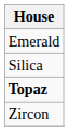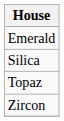 <table class=wikitable>
 <tr>
 <th>House</th>
 </tr>
 <tr>
 <td>  Emerald</td>
 </tr>
 <tr>
 <td>  Silica</td>
 </tr>
 <tr>
-<td><strong>  Topaz</strong></td>
+<td>  Topaz</td>
 </tr>
 <tr>
 <td>  Zircon</td>
 </tr>
 <tr>
 </tr>
 </table>
